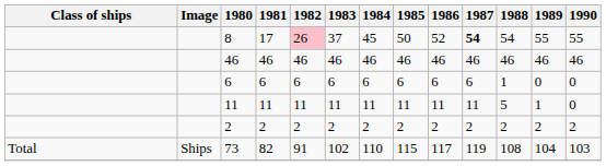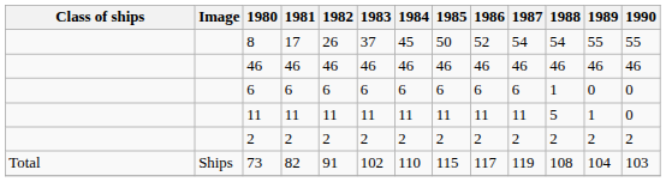 <table class="wikitable sortable collapsible collapsed">
 <tr>
 <th style="width:29%;">Class of ships</th>
 <th>Image</th>
 <th>1980</th>
 <th>1981</th>
 <th>1982</th>
 <th>1983</th>
 <th>1984</th>
 <th>1985</th>
 <th>1986</th>
 <th>1987</th>
 <th>1988</th>
 <th>1989</th>
 <th>1990</th>
 </tr>
 <tr valign="top">
 <td></td>
 <td></td>
 <td>8</td>
 <td>17</td>
-<td style="background: pink;">26</td>
+<td>26</td>
 <td>37</td>
 <td>45</td>
 <td>50</td>
 <td>52</td>
-<td><strong>54</strong></td>
+<td>54</td>
 <td>54</td>
 <td>55</td>
 <td>55</td>
 </tr>
 <tr valign="top">
 <td></td>
 <td></td>
 <td>46</td>
 <td>46</td>
 <td>46</td>
 <td>46</td>
 <td>46</td>
 <td>46</td>
 <td>46</td>
 <td>46</td>
 <td>46</td>
 <td>46</td>
 <td>46</td>
 </tr>
 <tr valign="top">
 <td></td>
 <td></td>
 <td>6</td>
 <td>6</td>
 <td>6</td>
 <td>6</td>
 <td>6</td>
 <td>6</td>
 <td>6</td>
 <td>6</td>
 <td>1</td>
 <td>0</td>
 <td>0</td>
 </tr>
 <tr valign="top">
 <td></td>
 <td></td>
 <td>11</td>
 <td>11</td>
 <td>11</td>
 <td>11</td>
 <td>11</td>
 <td>11</td>
 <td>11</td>
 <td>11</td>
 <td>5</td>
 <td>1</td>
 <td>0</td>
 </tr>
 <tr valign="top">
 <td></td>
 <td></td>
 <td>2</td>
 <td>2</td>
 <td>2</td>
 <td>2</td>
 <td>2</td>
 <td>2</td>
 <td>2</td>
 <td>2</td>
 <td>2</td>
 <td>2</td>
 <td>2</td>
 </tr>
 <tr valign="top">
 <td>Total</td>
 <td>Ships</td>
 <td>73</td>
 <td>82</td>
 <td>91</td>
 <td>102</td>
 <td>110</td>
 <td>115</td>
 <td>117</td>
 <td>119</td>
 <td>108</td>
 <td>104</td>
 <td>103</td>
 </tr>
 <tr>
 </tr>
 </table>
